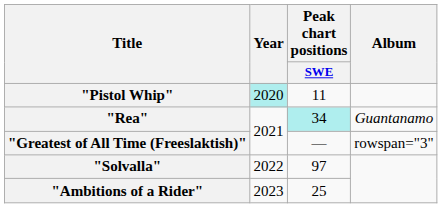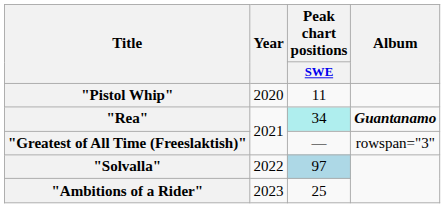 <table class="wikitable plainrowheaders" style="text-align:center;">
 <tr>
 <th scope="col" rowspan="2">Title</th>
 <th scope="col" rowspan="2">Year</th>
 <th scope="col" colspan="1">Peak chart positions</th>
 <th scope="col" rowspan="2">Album</th>
 </tr>
 <tr>
 <th scope="col" style="width:3em;font-size:85%;"><a href='#'>SWE</a><br></th>
 </tr>
 <tr>
 <th scope="row">"Pistol Whip"</th>
-<td style="background: paleturquoise;">2020</td>
+<td>2020</td>
 <td>11</td>
 <td></td>
 </tr>
 <tr>
 <th scope="row">"Rea"</th>
 <td rowspan="2">2021</td>
 <td style="background: paleturquoise;">34<br></td>
-<td><em>Guantanamo</em></td>
+<td><strong><em>Guantanamo</em></strong></td>
 </tr>
 <tr>
 <th scope="row">"Greatest of All Time (Freeslaktish)"</th>
 <td>—</td>
 <td>rowspan="3" </td>
 </tr>
 <tr>
 <th scope="row">"Solvalla"</th>
 <td>2022</td>
-<td>97<br></td>
+<td style="background: lightblue;">97<br></td>
 </tr>
 <tr>
 <th scope="row">"Ambitions of a Rider"<br></th>
 <td>2023</td>
 <td>25<br></td>
 </tr>
 </table>
